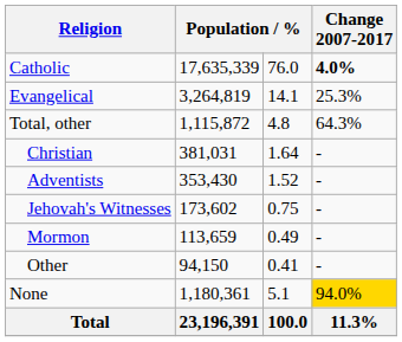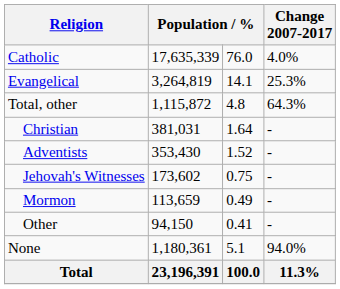 <table class="wikitable sortable" style="text-align:left">
 <tr>
 <th colspan="2"><a href='#'>Religion</a></th>
 <th colspan="2">Population / %</th>
 <th>Change <br>2007-2017</th>
 </tr>
 <tr>
 <td colspan="2"><a href='#'>Catholic</a></td>
 <td>17,635,339</td>
 <td>76.0</td>
-<td><strong> 4.0%</strong></td>
+<td> 4.0%</td>
 </tr>
 <tr>
 <td colspan="2"><a href='#'>Evangelical</a></td>
 <td>3,264,819</td>
 <td>14.1</td>
 <td> 25.3%</td>
 </tr>
 <tr>
 <td colspan="2">Total, other</td>
 <td>1,115,872</td>
 <td>4.8</td>
 <td> 64.3%</td>
 </tr>
 <tr>
 <td colspan="2">    <a href='#'>Christian</a></td>
 <td>381,031</td>
 <td>1.64</td>
 <td>-</td>
 </tr>
 <tr>
 <td colspan="2">    <a href='#'>Adventists</a></td>
 <td>353,430</td>
 <td>1.52</td>
 <td>-</td>
 </tr>
 <tr>
 <td colspan="2">    <a href='#'>Jehovah's Witnesses</a></td>
 <td>173,602</td>
 <td>0.75</td>
 <td>-</td>
 </tr>
 <tr>
 <td colspan="2">    <a href='#'>Mormon</a></td>
 <td>113,659</td>
 <td>0.49</td>
 <td>-</td>
 </tr>
 <tr>
 <td colspan="2">    Other</td>
 <td>94,150</td>
 <td>0.41</td>
 <td>-</td>
 </tr>
 <tr>
 <td colspan="2">None</td>
 <td>1,180,361</td>
 <td>5.1</td>
-<td style="background: gold;"> 94.0%</td>
+<td> 94.0%</td>
 </tr>
 <tr>
 <th colspan="2">Total</th>
 <th>23,196,391</th>
 <th>100.0</th>
 <th> 11.3%</th>
 </tr>
 <tr>
 </tr>
 </table>
